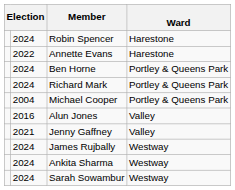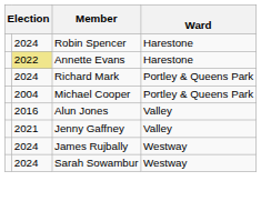 <table class="wikitable">
 <tr>
 <th colspan="2">Election</th>
 <th>Member</th>
 <th><br>Ward</th>
 </tr>
 <tr>
 <td style="background-color: "></td>
 <td>2024</td>
 <td>Robin Spencer</td>
 <td>Harestone</td>
 </tr>
 <tr>
 <td style="background-color: "></td>
-<td>2022</td>
+<td style="background: khaki;">2022</td>
 <td>Annette Evans</td>
 <td>Harestone</td>
-</tr>
-<tr>
-<td style="background-color: "></td>
-<td>2024</td>
-<td>Ben Horne</td>
-<td>Portley & Queens Park</td>
 </tr>
 <tr>
 <td style="background-color: "></td>
 <td>2024</td>
 <td>Richard Mark</td>
 <td>Portley & Queens Park</td>
 </tr>
 <tr>
 <td style="background-color: "></td>
 <td>2004</td>
 <td>Michael Cooper</td>
 <td>Portley & Queens Park</td>
 </tr>
 <tr>
 <td style="background-color: "></td>
 <td>2016</td>
 <td>Alun Jones</td>
 <td>Valley</td>
 </tr>
 <tr>
 <td style="background-color: "></td>
 <td>2021</td>
 <td>Jenny Gaffney</td>
 <td>Valley</td>
 </tr>
 <tr>
 <td style="background-color: "></td>
 <td>2024</td>
 <td>James Rujbally</td>
 <td>Westway</td>
 </tr>
 <tr>
 <td style="background-color: "></td>
 <td>2024</td>
-<td>Ankita Sharma</td>
-<td>Westway</td>
-</tr>
-<tr>
-<td style="background-color: "></td>
-<td>2024</td>
 <td>Sarah Sowambur</td>
 <td>Westway</td>
 </tr>
 </table>
